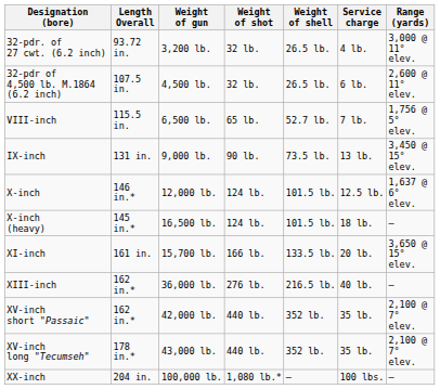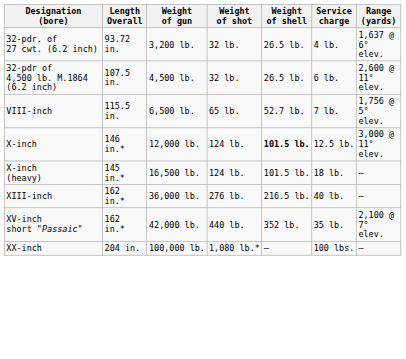 <table class="wikitable">
 <tr>
 <th>Designation<br>(bore)</th>
 <th>Length<br>Overall</th>
 <th>Weight<br>of gun</th>
 <th>Weight<br>of shot</th>
 <th>Weight<br>of shell</th>
 <th>Service<br>charge</th>
 <th>Range<br>(yards)</th>
 </tr>
 <tr>
 <td>32-pdr. of<br>27 cwt. (6.2 inch)</td>
 <td>93.72 in.</td>
 <td>3,200 lb.</td>
 <td>32 lb.</td>
 <td>26.5 lb.</td>
 <td>4 lb.</td>
-<td>3,000 @<br>11° elev.</td>
+<td>1,637 @<br>6° elev.</td>
 </tr>
 <tr>
 <td>32-pdr of<br>4,500 lb. M.1864 (6.2 inch)</td>
 <td>107.5 in.</td>
 <td>4,500 lb.</td>
 <td>32 lb.</td>
 <td>26.5 lb.</td>
 <td>6 lb.</td>
 <td>2,600 @<br>11° elev.</td>
 </tr>
 <tr>
 <td>VIII-inch</td>
 <td>115.5 in.</td>
 <td>6,500 lb.</td>
 <td>65 lb.</td>
 <td>52.7 lb.</td>
 <td>7 lb.</td>
 <td>1,756 @<br>5° elev.</td>
 </tr>
 <tr>
-<td>IX-inch</td>
-<td>131 in.</td>
-<td>9,000 lb.</td>
-<td>90 lb.</td>
-<td>73.5 lb.</td>
-<td>13 lb.</td>
-<td>3,450 @<br>15° elev.</td>
-</tr>
-<tr>
 <td>X-inch</td>
 <td>146 in.*</td>
 <td>12,000 lb.</td>
 <td>124 lb.</td>
-<td>101.5 lb.</td>
+<td><strong>101.5 lb.</strong></td>
 <td>12.5 lb.</td>
-<td>1,637 @<br>6° elev.</td>
+<td>3,000 @<br>11° elev.</td>
 </tr>
 <tr>
 <td>X-inch<br>(heavy)</td>
 <td>145 in.*</td>
 <td>16,500 lb.</td>
 <td>124 lb.</td>
 <td>101.5 lb.</td>
 <td>18 lb.</td>
 <td>—</td>
-</tr>
-<tr>
-<td>XI-inch</td>
-<td>161 in.</td>
-<td>15,700 lb.</td>
-<td>166 lb.</td>
-<td>133.5 lb.</td>
-<td>20 lb.</td>
-<td>3,650 @<br>15° elev.</td>
 </tr>
 <tr>
 <td>XIII-inch</td>
 <td>162 in.*</td>
 <td>36,000 lb.</td>
 <td>276 lb.</td>
 <td>216.5 lb.</td>
 <td>40 lb.</td>
 <td>—</td>
 </tr>
 <tr>
 <td>XV-inch<br>short <em>"Passaic"</em></td>
 <td>162 in.*</td>
 <td>42,000 lb.</td>
 <td>440 lb.</td>
 <td>352 lb.</td>
 <td>35 lb.</td>
 <td>2,100 @<br>7° elev.</td>
 </tr>
 <tr>
-<td>XV-inch<br>long <em>"Tecumseh"</em></td>
-<td>178 in.*</td>
-<td>43,000 lb.</td>
-<td>440 lb.</td>
-<td>352 lb.</td>
-<td>35 lb.</td>
-<td>2,100 @<br>7° elev.</td>
-</tr>
-<tr>
 <td>XX-inch</td>
 <td>204 in.</td>
 <td>100,000 lb.</td>
 <td>1,080 lb.*</td>
 <td>—</td>
 <td>100 lbs.</td>
 <td>—</td>
 </tr>
 </table>
